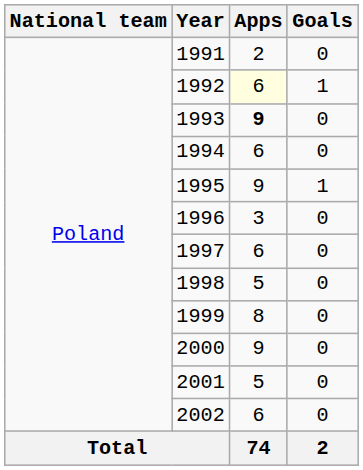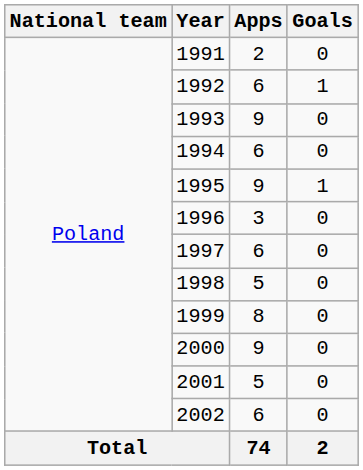 <table class="wikitable" style="text-align:center">
 <tr>
 <th>National team</th>
 <th>Year</th>
 <th>Apps</th>
 <th>Goals</th>
 </tr>
 <tr>
 <td rowspan="12"><a href='#'>Poland</a></td>
 <td>1991</td>
 <td>2</td>
 <td>0</td>
 </tr>
 <tr>
 <td>1992</td>
-<td style="background: lightyellow;">6</td>
+<td>6</td>
 <td>1</td>
 </tr>
 <tr>
 <td>1993</td>
-<td><strong>9</strong></td>
+<td>9</td>
 <td>0</td>
 </tr>
 <tr>
 <td>1994</td>
 <td>6</td>
 <td>0</td>
 </tr>
 <tr>
 <td>1995</td>
 <td>9</td>
 <td>1</td>
 </tr>
 <tr>
 <td>1996</td>
 <td>3</td>
 <td>0</td>
 </tr>
 <tr>
 <td>1997</td>
 <td>6</td>
 <td>0</td>
 </tr>
 <tr>
 <td>1998</td>
 <td>5</td>
 <td>0</td>
 </tr>
 <tr>
 <td>1999</td>
 <td>8</td>
 <td>0</td>
 </tr>
 <tr>
 <td>2000</td>
 <td>9</td>
 <td>0</td>
 </tr>
 <tr>
 <td>2001</td>
 <td>5</td>
 <td>0</td>
 </tr>
 <tr>
 <td>2002</td>
 <td>6</td>
 <td>0</td>
 </tr>
 <tr>
 <th colspan="2">Total</th>
 <th>74</th>
 <th>2</th>
 </tr>
 </table>
